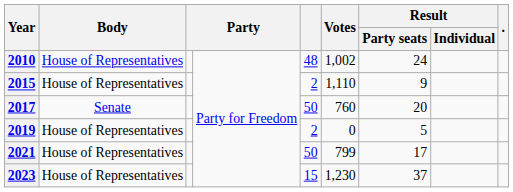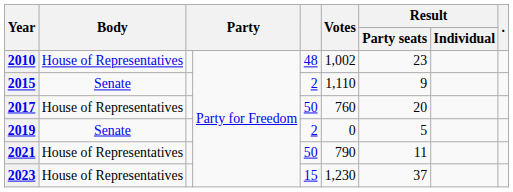 <table class="wikitable plainrowheaders sortable" border=2 cellpadding=4 cellspacing=0 style="border: 1px #aaa solid; font-size: 90%; text-align:center;">
 <tr>
 <th scope="col" rowspan=2>Year</th>
 <th scope="col" rowspan=2>Body</th>
 <th scope="col" colspan=2 rowspan=2>Party</th>
 <th scope="col" rowspan=2></th>
 <th scope="col" rowspan=2>Votes</th>
 <th scope="colgroup" colspan=2>Result</th>
 <th scope="col" rowspan=2 class="unsortable">.</th>
 </tr>
 <tr>
 <th scope="col">Party seats</th>
 <th scope="col">Individual</th>
 </tr>
 <tr>
 <th scope="row"><a href='#'>2010</a></th>
 <td><a href='#'>House of Representatives</a></td>
 <td style="background-color:"></td>
 <td rowspan="6"><a href='#'>Party for Freedom</a></td>
 <td style=text-align:right><a href='#'>48</a></td>
 <td style=text-align:right>1,002</td>
-<td style=text-align:right>24</td>
+<td style=text-align:right>23</td>
 <td></td>
 <td></td>
 </tr>
 <tr>
 <th scope="row"><a href='#'>2015</a></th>
-<td>House of Representatives</td>
+<td><a href='#'>Senate</a></td>
 <td style="background-color:"></td>
 <td style=text-align:right><a href='#'>2</a></td>
 <td style=text-align:right>1,110</td>
 <td style=text-align:right>9</td>
 <td></td>
 <td></td>
 </tr>
 <tr>
 <th scope="row"><a href='#'>2017</a></th>
-<td><a href='#'>Senate</a></td>
+<td>House of Representatives</td>
 <td style="background-color:"></td>
 <td style=text-align:right><a href='#'>50</a></td>
 <td style=text-align:right>760</td>
 <td style=text-align:right>20</td>
 <td></td>
 <td></td>
 </tr>
 <tr>
 <th scope="row"><a href='#'>2019</a></th>
-<td>House of Representatives</td>
+<td><a href='#'>Senate</a></td>
 <td style="background-color:"></td>
 <td style=text-align:right><a href='#'>2</a></td>
 <td style=text-align:right>0</td>
 <td style=text-align:right>5</td>
 <td></td>
 <td></td>
 </tr>
 <tr>
 <th scope="row"><a href='#'>2021</a></th>
 <td>House of Representatives</td>
 <td style="background-color:"></td>
 <td style=text-align:right><a href='#'>50</a></td>
-<td style=text-align:right>799</td>
-<td style=text-align:right>17</td>
+<td style=text-align:right>790</td>
+<td style=text-align:right>11</td>
 <td></td>
 <td></td>
 </tr>
 <tr>
 <th scope="row"><a href='#'>2023</a></th>
 <td>House of Representatives</td>
 <td style="background-color:"></td>
 <td style=text-align:right><a href='#'>15</a></td>
 <td style=text-align:right>1,230</td>
 <td style=text-align:right>37</td>
 <td></td>
 <td></td>
 </tr>
 </table>
